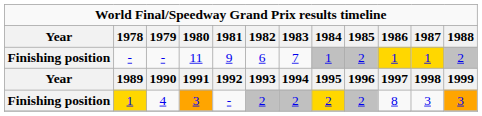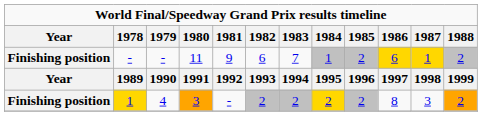 <table class="wikitable plainrowheaders">
 <tr>
 <td colspan="20" style="text-align:center;"><strong>World Final/Speedway Grand Prix results timeline</strong></td>
 </tr>
 <tr>
 <th scope="col">Year</th>
 <th scope="col">1978</th>
 <th scope="col">1979</th>
 <th scope="col">1980</th>
 <th scope="col">1981</th>
 <th scope="col">1982</th>
 <th scope="col">1983</th>
 <th scope="col">1984</th>
 <th scope="col">1985</th>
 <th scope="col">1986</th>
 <th scope="col">1987</th>
 <th scope="col">1988</th>
 </tr>
 <tr style="text-align:center;">
 <th scope="row">Finishing position</th>
 <td><a href='#'>-</a></td>
 <td><a href='#'>-</a></td>
 <td><a href='#'>11</a></td>
 <td><a href='#'>9</a></td>
 <td><a href='#'>6</a></td>
 <td><a href='#'>7</a></td>
 <td style="background:silver;"><a href='#'>1</a></td>
 <td style="background:silver;"><a href='#'>2</a></td>
-<td style="background:gold;"><a href='#'>1</a></td>
+<td style="background:gold;"><a href='#'>6</a></td>
 <td style="background:gold;"><a href='#'>1</a></td>
 <td style="background:silver;"><a href='#'>2</a></td>
 </tr>
 <tr>
 <th scope="col">Year</th>
 <th scope="col">1989</th>
 <th scope="col">1990</th>
 <th scope="col">1991</th>
 <th scope="col">1992</th>
 <th scope="col">1993</th>
 <th scope="col">1994</th>
 <th scope="col">1995</th>
 <th scope="col">1996</th>
 <th scope="col">1997</th>
 <th scope="col">1998</th>
 <th scope="col">1999</th>
 </tr>
 <tr style="text-align:center;">
 <th scope="row">Finishing position</th>
 <td style="background:gold;"><a href='#'>1</a></td>
 <td><a href='#'>4</a></td>
 <td style="background:orange;"><a href='#'>3</a></td>
 <td><a href='#'>-</a></td>
 <td style="background:silver;"><a href='#'>2</a></td>
 <td style="background:silver;"><a href='#'>2</a></td>
 <td style="background:gold;"><a href='#'>2</a></td>
 <td style="background:silver;"><a href='#'>2</a></td>
 <td><a href='#'>8</a></td>
 <td><a href='#'>3</a></td>
-<td style="background:orange;"><a href='#'>3</a></td>
+<td style="background:orange;"><a href='#'>2</a></td>
 </tr>
 <tr>
 </tr>
 <tr style="text-align:center;">
 </tr>
 </table>
